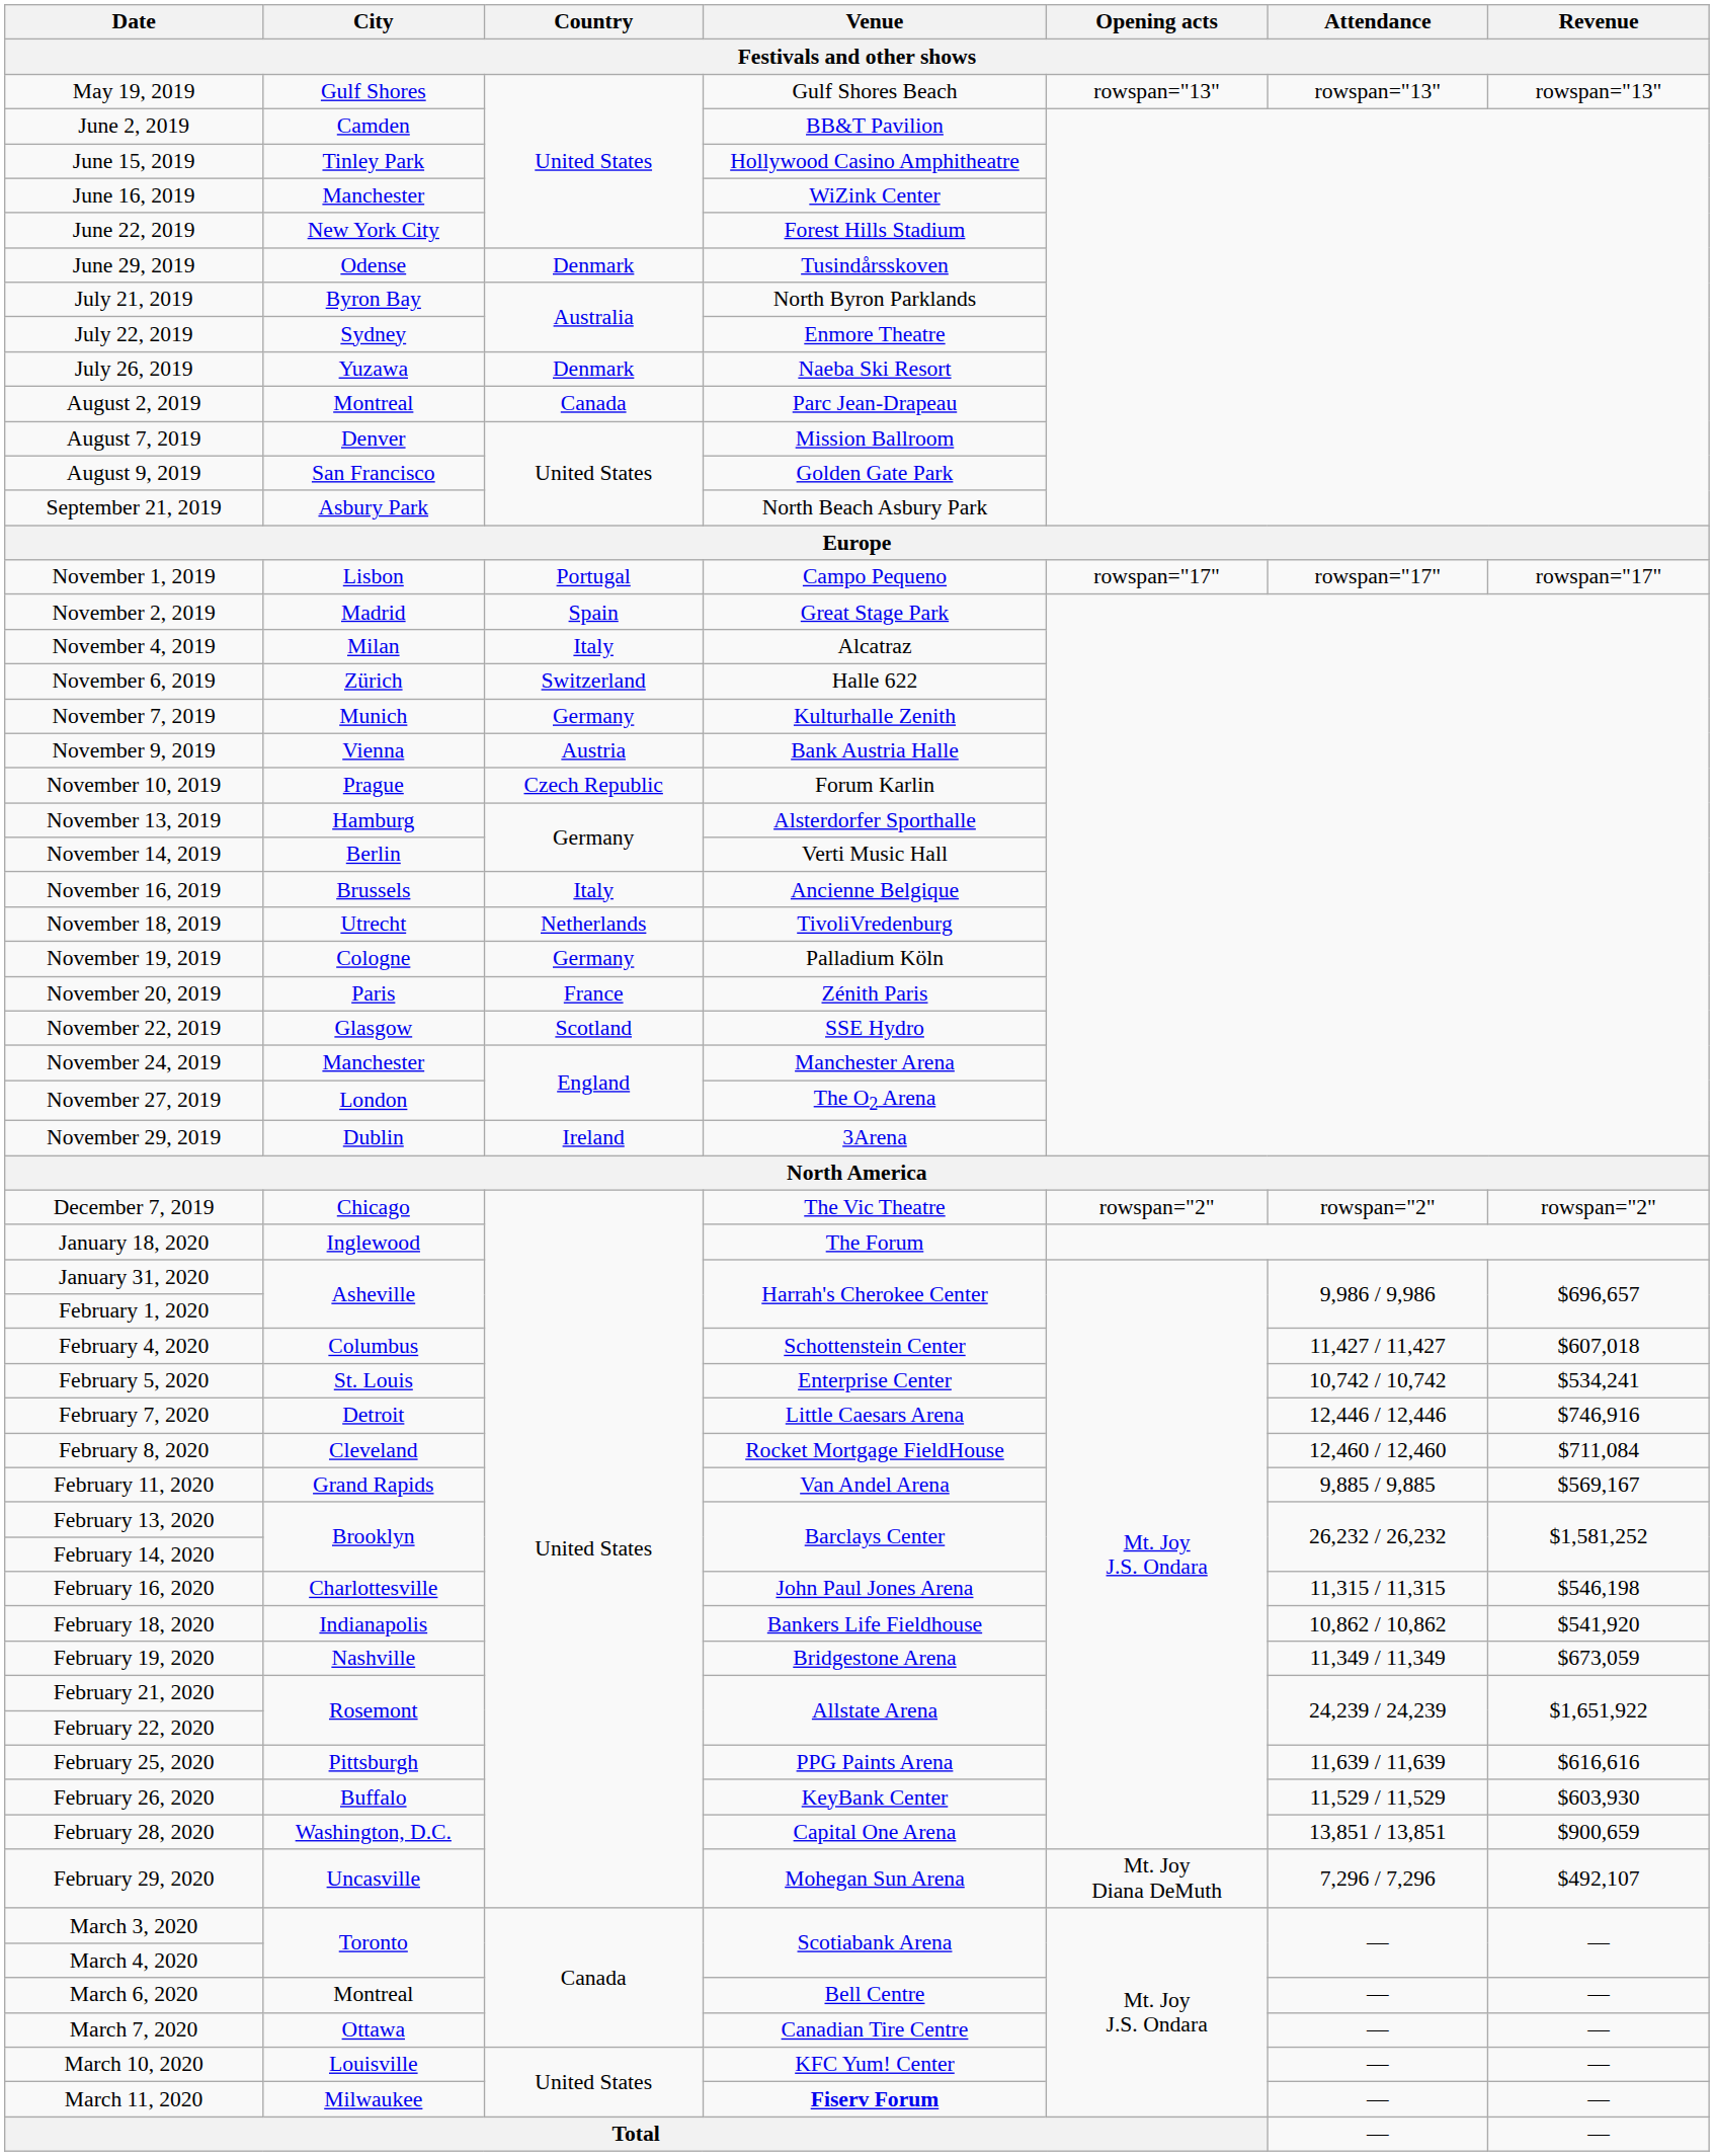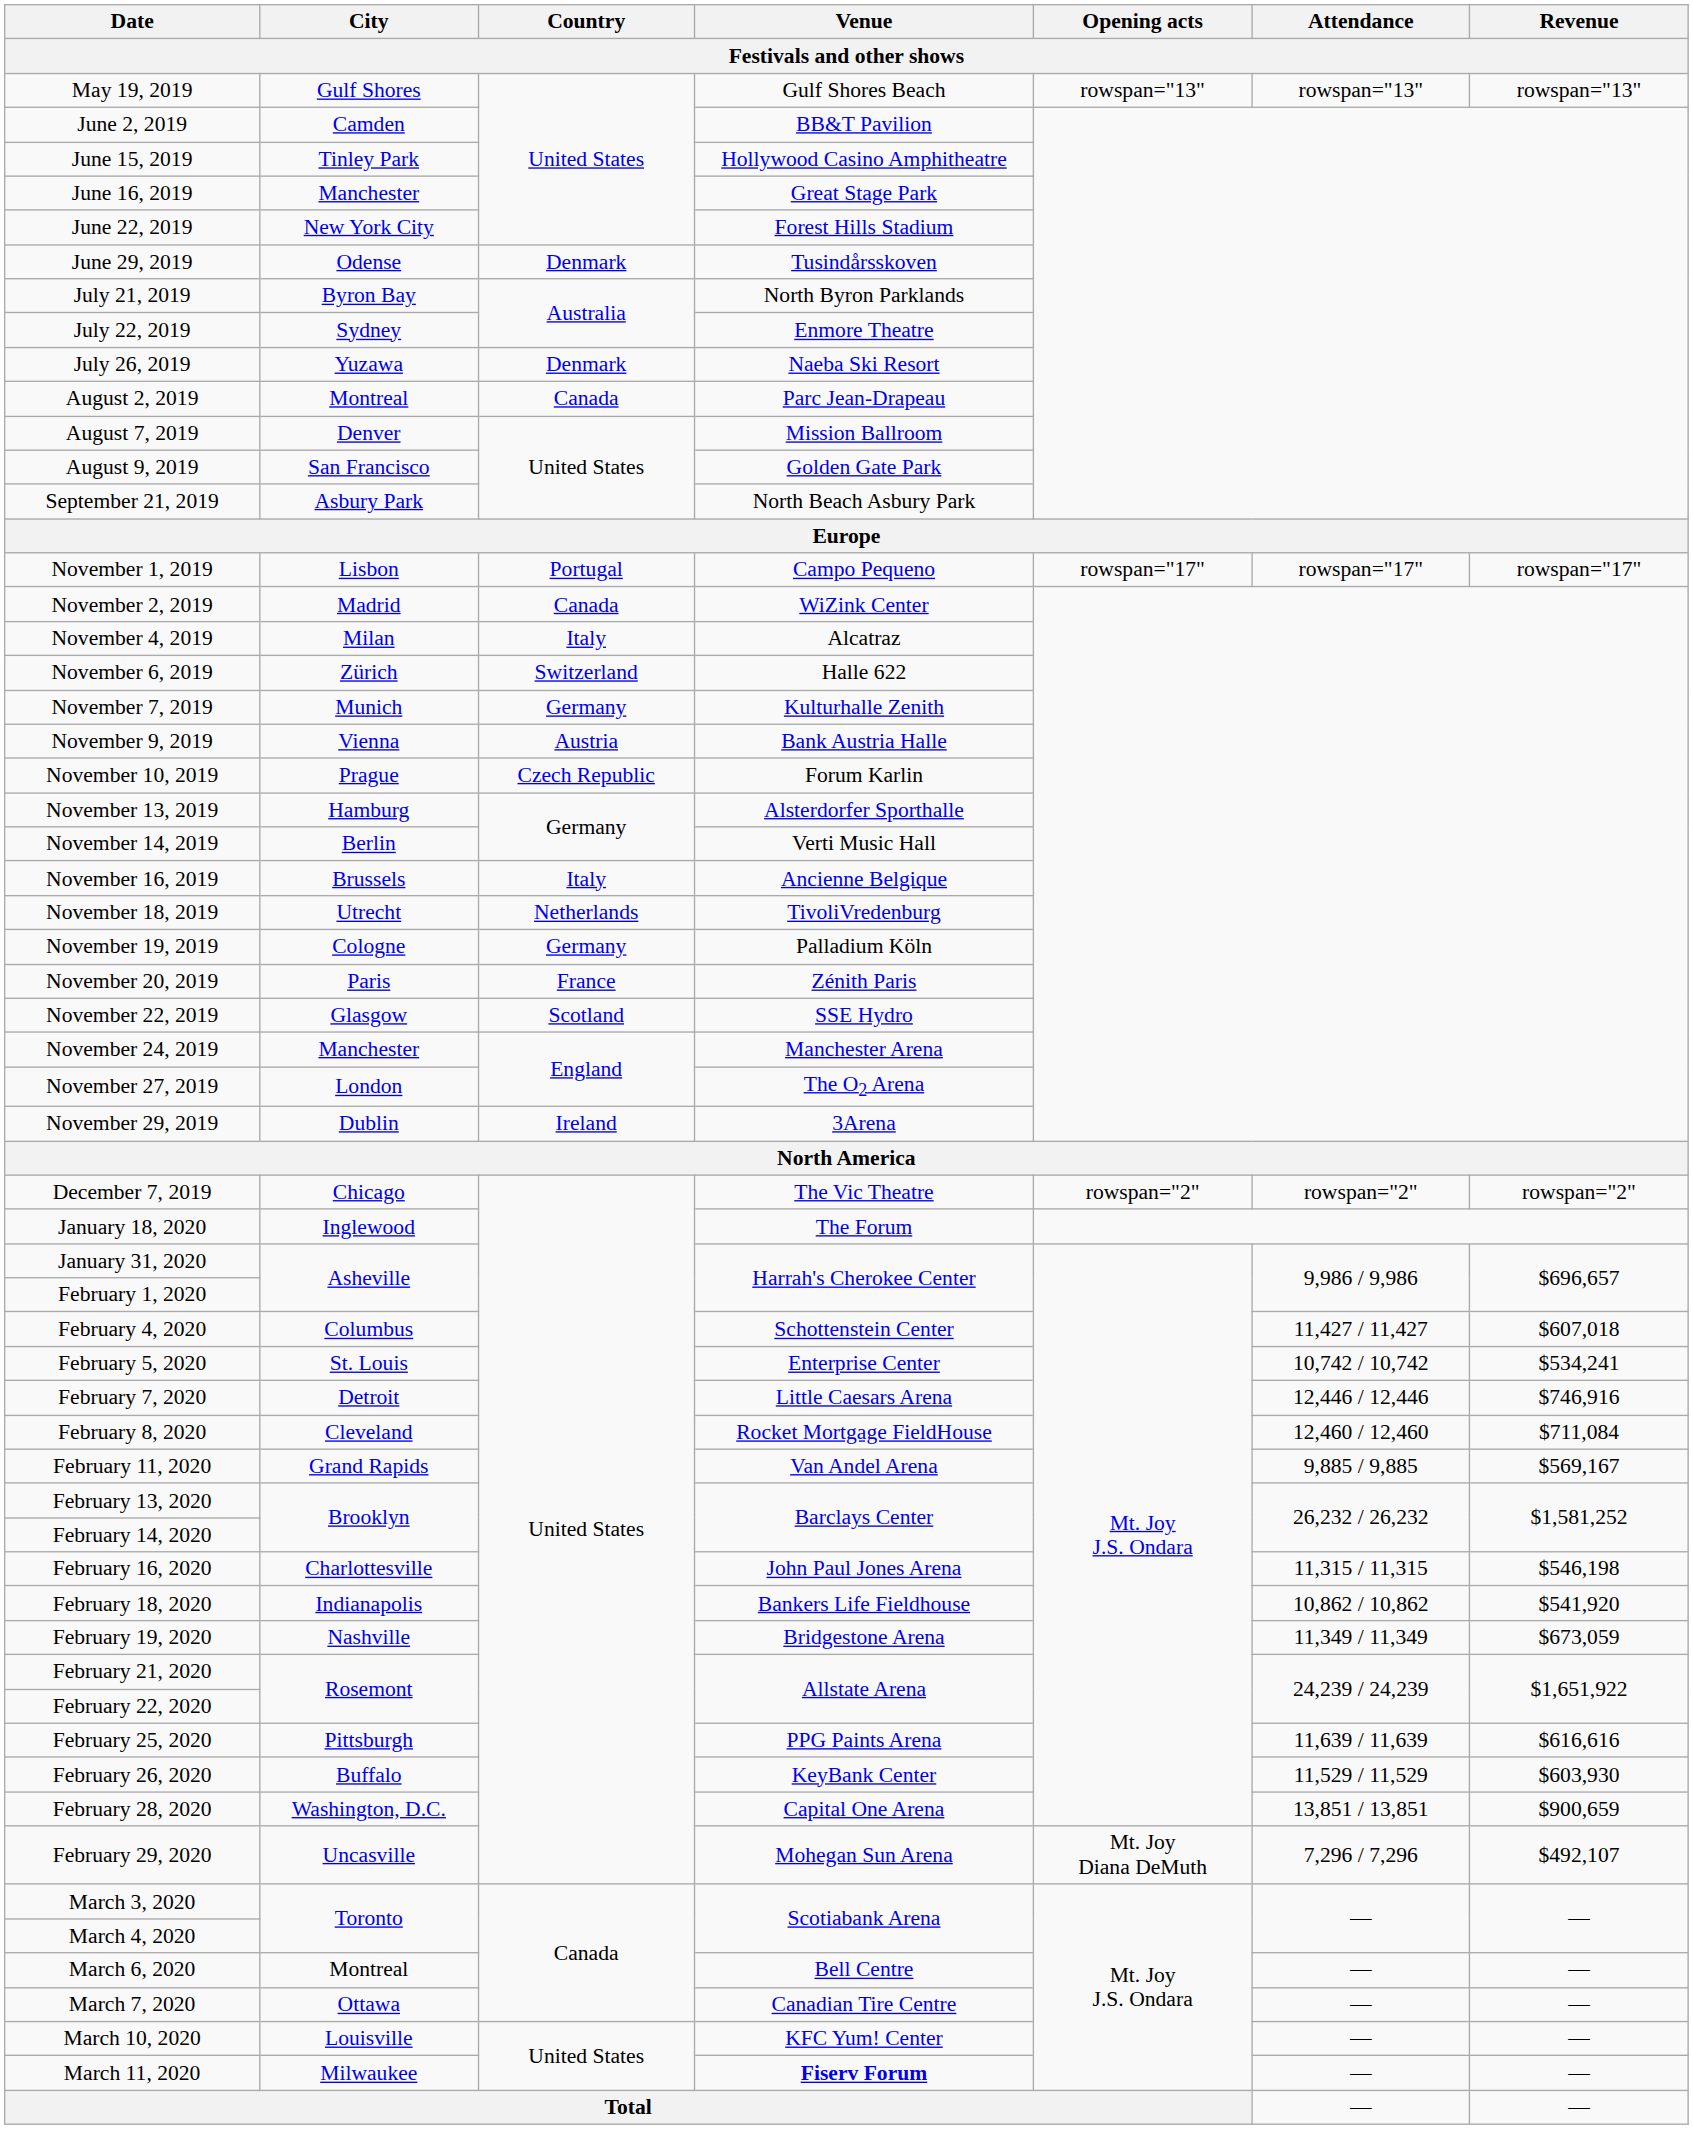 <table class="wikitable plainrowheaders" style="text-align:center;">
 <tr>
 <th scope="col" style="width:12em;">Date</th>
 <th scope="col" style="width:10em;">City</th>
 <th scope="col" style="width:10em;">Country</th>
 <th scope="col" style="width:16em;">Venue</th>
 <th scope="col" style="width:10em;">Opening acts</th>
 <th scope="col" style="width:10em;">Attendance</th>
 <th scope="col" style="width:10em;">Revenue</th>
 </tr>
 <tr>
 <th colspan="7">Festivals and other shows</th>
 </tr>
 <tr>
 <td>May 19, 2019</td>
 <td><a href='#'>Gulf Shores</a></td>
 <td rowspan="5"><a href='#'>United States</a></td>
 <td>Gulf Shores Beach</td>
 <td>rowspan="13" </td>
 <td>rowspan="13" </td>
 <td>rowspan="13" </td>
 </tr>
 <tr>
 <td>June 2, 2019</td>
 <td><a href='#'>Camden</a></td>
 <td><a href='#'>BB&T Pavilion</a></td>
 </tr>
 <tr>
 <td>June 15, 2019</td>
 <td><a href='#'>Tinley Park</a></td>
 <td><a href='#'>Hollywood Casino Amphitheatre</a></td>
 </tr>
 <tr>
 <td>June 16, 2019</td>
 <td><a href='#'>Manchester</a></td>
-<td><a href='#'>WiZink Center</a></td>
+<td><a href='#'>Great Stage Park</a></td>
 </tr>
 <tr>
 <td>June 22, 2019</td>
 <td><a href='#'>New York City</a></td>
 <td><a href='#'>Forest Hills Stadium</a></td>
 </tr>
 <tr>
 <td>June 29, 2019</td>
 <td><a href='#'>Odense</a></td>
 <td><a href='#'>Denmark</a></td>
 <td><a href='#'>Tusindårsskoven</a></td>
 </tr>
 <tr>
 <td>July 21, 2019</td>
 <td><a href='#'>Byron Bay</a></td>
 <td rowspan="2"><a href='#'>Australia</a></td>
 <td>North Byron Parklands</td>
 </tr>
 <tr>
 <td>July 22, 2019</td>
 <td><a href='#'>Sydney</a></td>
 <td><a href='#'>Enmore Theatre</a></td>
 </tr>
 <tr>
 <td>July 26, 2019</td>
 <td><a href='#'>Yuzawa</a></td>
 <td><a href='#'>Denmark</a></td>
 <td><a href='#'>Naeba Ski Resort</a></td>
 </tr>
 <tr>
 <td>August 2, 2019</td>
 <td><a href='#'>Montreal</a></td>
 <td><a href='#'>Canada</a></td>
 <td><a href='#'>Parc Jean-Drapeau</a></td>
 </tr>
 <tr>
 <td>August 7, 2019</td>
 <td><a href='#'>Denver</a></td>
 <td rowspan="3">United States</td>
 <td><a href='#'>Mission Ballroom</a></td>
 </tr>
 <tr>
 <td>August 9, 2019</td>
 <td><a href='#'>San Francisco</a></td>
 <td><a href='#'>Golden Gate Park</a></td>
 </tr>
 <tr>
 <td>September 21, 2019</td>
 <td><a href='#'>Asbury Park</a></td>
 <td>North Beach Asbury Park</td>
 </tr>
 <tr>
 <th colspan="7">Europe</th>
 </tr>
 <tr>
 <td>November 1, 2019</td>
 <td><a href='#'>Lisbon</a></td>
 <td><a href='#'>Portugal</a></td>
 <td><a href='#'>Campo Pequeno</a></td>
 <td>rowspan="17" </td>
 <td>rowspan="17" </td>
 <td>rowspan="17" </td>
 </tr>
 <tr>
 <td>November 2, 2019</td>
 <td><a href='#'>Madrid</a></td>
-<td><a href='#'>Spain</a></td>
-<td><a href='#'>Great Stage Park</a></td>
+<td><a href='#'>Canada</a></td>
+<td><a href='#'>WiZink Center</a></td>
 </tr>
 <tr>
 <td>November 4, 2019</td>
 <td><a href='#'>Milan</a></td>
 <td><a href='#'>Italy</a></td>
 <td>Alcatraz</td>
 </tr>
 <tr>
 <td>November 6, 2019</td>
 <td><a href='#'>Zürich</a></td>
 <td><a href='#'>Switzerland</a></td>
 <td>Halle 622</td>
 </tr>
 <tr>
 <td>November 7, 2019</td>
 <td><a href='#'>Munich</a></td>
 <td><a href='#'>Germany</a></td>
 <td><a href='#'>Kulturhalle Zenith</a></td>
 </tr>
 <tr>
 <td>November 9, 2019</td>
 <td><a href='#'>Vienna</a></td>
 <td><a href='#'>Austria</a></td>
 <td><a href='#'>Bank Austria Halle</a></td>
 </tr>
 <tr>
 <td>November 10, 2019</td>
 <td><a href='#'>Prague</a></td>
 <td><a href='#'>Czech Republic</a></td>
 <td>Forum Karlin</td>
 </tr>
 <tr>
 <td>November 13, 2019</td>
 <td><a href='#'>Hamburg</a></td>
 <td rowspan="2">Germany</td>
 <td><a href='#'>Alsterdorfer Sporthalle</a></td>
 </tr>
 <tr>
 <td>November 14, 2019</td>
 <td><a href='#'>Berlin</a></td>
 <td>Verti Music Hall</td>
 </tr>
 <tr>
 <td>November 16, 2019</td>
 <td><a href='#'>Brussels</a></td>
 <td><a href='#'>Italy</a></td>
 <td><a href='#'>Ancienne Belgique</a></td>
 </tr>
 <tr>
 <td>November 18, 2019</td>
 <td><a href='#'>Utrecht</a></td>
 <td><a href='#'>Netherlands</a></td>
 <td><a href='#'>TivoliVredenburg</a></td>
 </tr>
 <tr>
 <td>November 19, 2019</td>
 <td><a href='#'>Cologne</a></td>
 <td><a href='#'>Germany</a></td>
 <td>Palladium Köln</td>
 </tr>
 <tr>
 <td>November 20, 2019</td>
 <td><a href='#'>Paris</a></td>
 <td><a href='#'>France</a></td>
 <td><a href='#'>Zénith Paris</a></td>
 </tr>
 <tr>
 <td>November 22, 2019</td>
 <td><a href='#'>Glasgow</a></td>
 <td><a href='#'>Scotland</a></td>
 <td><a href='#'>SSE Hydro</a></td>
 </tr>
 <tr>
 <td>November 24, 2019</td>
 <td><a href='#'>Manchester</a></td>
 <td rowspan="2"><a href='#'>England</a></td>
 <td><a href='#'>Manchester Arena</a></td>
 </tr>
 <tr>
 <td>November 27, 2019</td>
 <td><a href='#'>London</a></td>
 <td><a href='#'>The O<sub>2</sub> Arena</a></td>
 </tr>
 <tr>
 <td>November 29, 2019</td>
 <td><a href='#'>Dublin</a></td>
 <td><a href='#'>Ireland</a></td>
 <td><a href='#'>3Arena</a></td>
 </tr>
 <tr>
 <th colspan="7">North America</th>
 </tr>
 <tr>
 <td>December 7, 2019</td>
 <td><a href='#'>Chicago</a></td>
 <td rowspan="20">United States</td>
 <td><a href='#'>The Vic Theatre</a></td>
 <td>rowspan="2" </td>
 <td>rowspan="2" </td>
 <td>rowspan="2" </td>
 </tr>
 <tr>
 <td>January 18, 2020</td>
 <td><a href='#'>Inglewood</a></td>
 <td><a href='#'>The Forum</a></td>
 </tr>
 <tr>
 <td>January 31, 2020</td>
 <td rowspan="2"><a href='#'>Asheville</a></td>
 <td rowspan="2"><a href='#'>Harrah's Cherokee Center</a></td>
 <td rowspan="17"><a href='#'>Mt. Joy</a><br><a href='#'>J.S. Ondara</a></td>
 <td rowspan="2">9,986 / 9,986</td>
 <td rowspan="2">$696,657</td>
 </tr>
 <tr>
 <td>February 1, 2020</td>
 </tr>
 <tr>
 <td>February 4, 2020</td>
 <td><a href='#'>Columbus</a></td>
 <td><a href='#'>Schottenstein Center</a></td>
 <td>11,427 / 11,427</td>
 <td>$607,018</td>
 </tr>
 <tr>
 <td>February 5, 2020</td>
 <td><a href='#'>St. Louis</a></td>
 <td><a href='#'>Enterprise Center</a></td>
 <td>10,742 / 10,742</td>
 <td>$534,241</td>
 </tr>
 <tr>
 <td>February 7, 2020</td>
 <td><a href='#'>Detroit</a></td>
 <td><a href='#'>Little Caesars Arena</a></td>
 <td>12,446 / 12,446</td>
 <td>$746,916</td>
 </tr>
 <tr>
 <td>February 8, 2020</td>
 <td><a href='#'>Cleveland</a></td>
 <td><a href='#'>Rocket Mortgage FieldHouse</a></td>
 <td>12,460 / 12,460</td>
 <td>$711,084</td>
 </tr>
 <tr>
 <td>February 11, 2020</td>
 <td><a href='#'>Grand Rapids</a></td>
 <td><a href='#'>Van Andel Arena</a></td>
 <td>9,885 / 9,885</td>
 <td>$569,167</td>
 </tr>
 <tr>
 <td>February 13, 2020</td>
 <td rowspan="2"><a href='#'>Brooklyn</a></td>
 <td rowspan="2"><a href='#'>Barclays Center</a></td>
 <td rowspan="2">26,232 / 26,232</td>
 <td rowspan="2">$1,581,252</td>
 </tr>
 <tr>
 <td>February 14, 2020</td>
 </tr>
 <tr>
 <td>February 16, 2020</td>
 <td><a href='#'>Charlottesville</a></td>
 <td><a href='#'>John Paul Jones Arena</a></td>
 <td>11,315 / 11,315</td>
 <td>$546,198</td>
 </tr>
 <tr>
 <td>February 18, 2020</td>
 <td><a href='#'>Indianapolis</a></td>
 <td><a href='#'>Bankers Life Fieldhouse</a></td>
 <td>10,862 / 10,862</td>
 <td>$541,920</td>
 </tr>
 <tr>
 <td>February 19, 2020</td>
 <td><a href='#'>Nashville</a></td>
 <td><a href='#'>Bridgestone Arena</a></td>
 <td>11,349 / 11,349</td>
 <td>$673,059</td>
 </tr>
 <tr>
 <td>February 21, 2020</td>
 <td rowspan="2"><a href='#'>Rosemont</a></td>
 <td rowspan="2"><a href='#'>Allstate Arena</a></td>
 <td rowspan="2">24,239 / 24,239</td>
 <td rowspan="2">$1,651,922</td>
 </tr>
 <tr>
 <td>February 22, 2020</td>
 </tr>
 <tr>
 <td>February 25, 2020</td>
 <td><a href='#'>Pittsburgh</a></td>
 <td><a href='#'>PPG Paints Arena</a></td>
 <td>11,639 / 11,639</td>
 <td>$616,616</td>
 </tr>
 <tr>
 <td>February 26, 2020</td>
 <td><a href='#'>Buffalo</a></td>
 <td><a href='#'>KeyBank Center</a></td>
 <td>11,529 / 11,529</td>
 <td>$603,930</td>
 </tr>
 <tr>
 <td>February 28, 2020</td>
 <td><a href='#'>Washington, D.C.</a></td>
 <td><a href='#'>Capital One Arena</a></td>
 <td>13,851 / 13,851</td>
 <td>$900,659</td>
 </tr>
 <tr>
 <td>February 29, 2020</td>
 <td><a href='#'>Uncasville</a></td>
 <td><a href='#'>Mohegan Sun Arena</a></td>
 <td>Mt. Joy<br>Diana DeMuth</td>
 <td>7,296 / 7,296</td>
 <td>$492,107</td>
 </tr>
 <tr>
 <td>March 3, 2020</td>
 <td rowspan="2"><a href='#'>Toronto</a></td>
 <td rowspan="4">Canada</td>
 <td rowspan="2"><a href='#'>Scotiabank Arena</a></td>
 <td rowspan="6">Mt. Joy<br>J.S. Ondara</td>
 <td rowspan="2">—</td>
 <td rowspan="2">—</td>
 </tr>
 <tr>
 <td>March 4, 2020</td>
 </tr>
 <tr>
 <td>March 6, 2020</td>
 <td>Montreal</td>
 <td><a href='#'>Bell Centre</a></td>
 <td>—</td>
 <td>—</td>
 </tr>
 <tr>
 <td>March 7, 2020</td>
 <td><a href='#'>Ottawa</a></td>
 <td><a href='#'>Canadian Tire Centre</a></td>
 <td>—</td>
 <td>—</td>
 </tr>
 <tr>
 <td>March 10, 2020</td>
 <td><a href='#'>Louisville</a></td>
 <td rowspan="2">United States</td>
 <td><a href='#'>KFC Yum! Center</a></td>
 <td>—</td>
 <td>—</td>
 </tr>
 <tr>
 <td>March 11, 2020</td>
 <td><a href='#'>Milwaukee</a></td>
 <td><strong><a href='#'>Fiserv Forum</a></strong></td>
 <td>—</td>
 <td>—</td>
 </tr>
 <tr>
 <th colspan="5">Total</th>
 <td>—</td>
 <td>—</td>
 </tr>
 </table>
